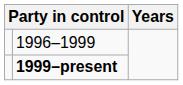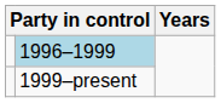 <table class="wikitable">
 <tr>
 <th colspan="2">Party in control</th>
 <th>Years</th>
 </tr>
 <tr>
 <td></td>
-<td>1996–1999</td>
+<td style="background: lightblue;">1996–1999</td>
 </tr>
 <tr>
 <td></td>
-<td><strong>1999–present</strong></td>
+<td>1999–present</td>
 </tr>
 </table>
